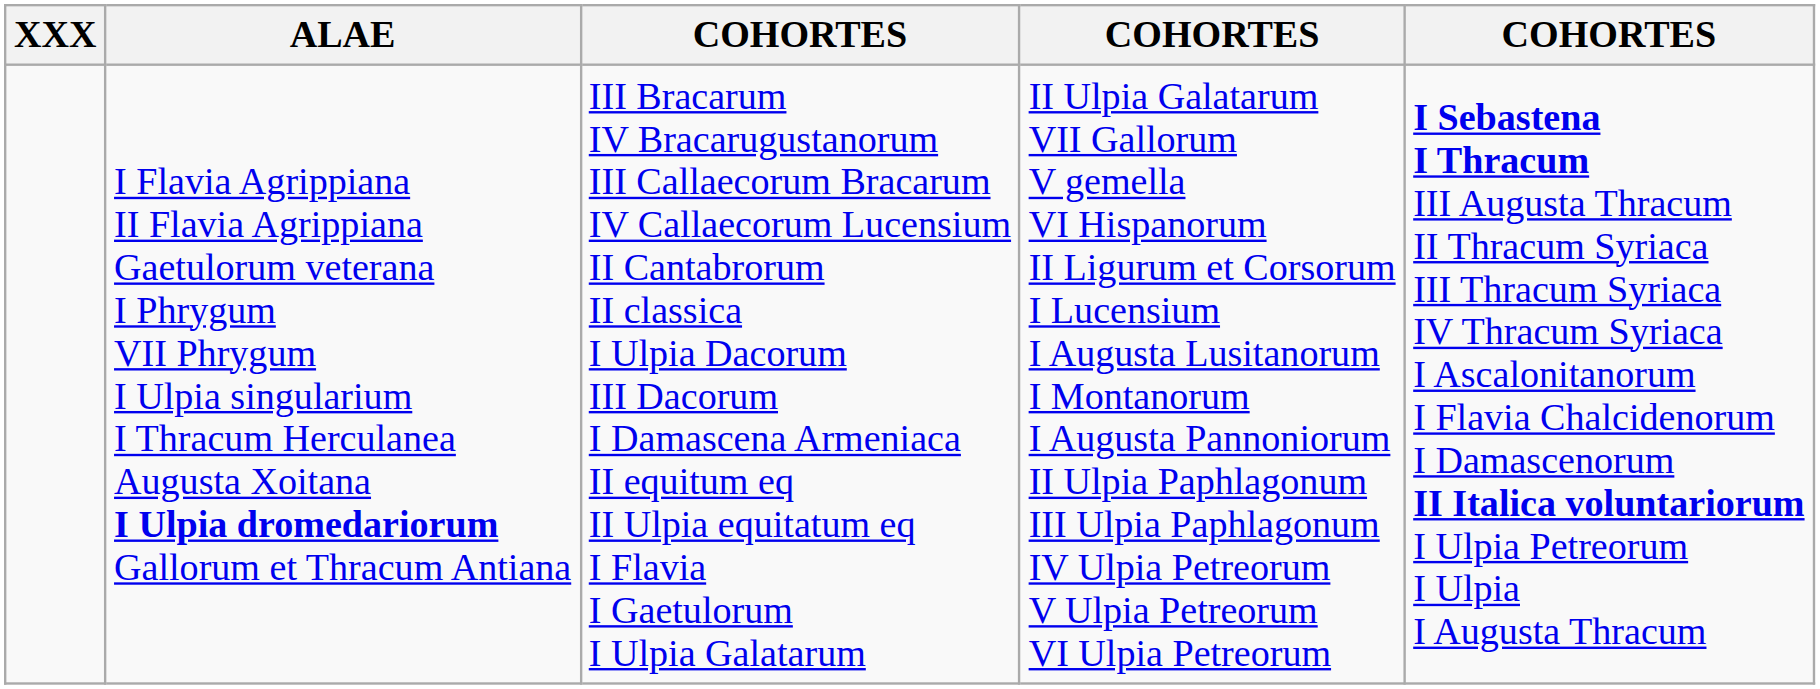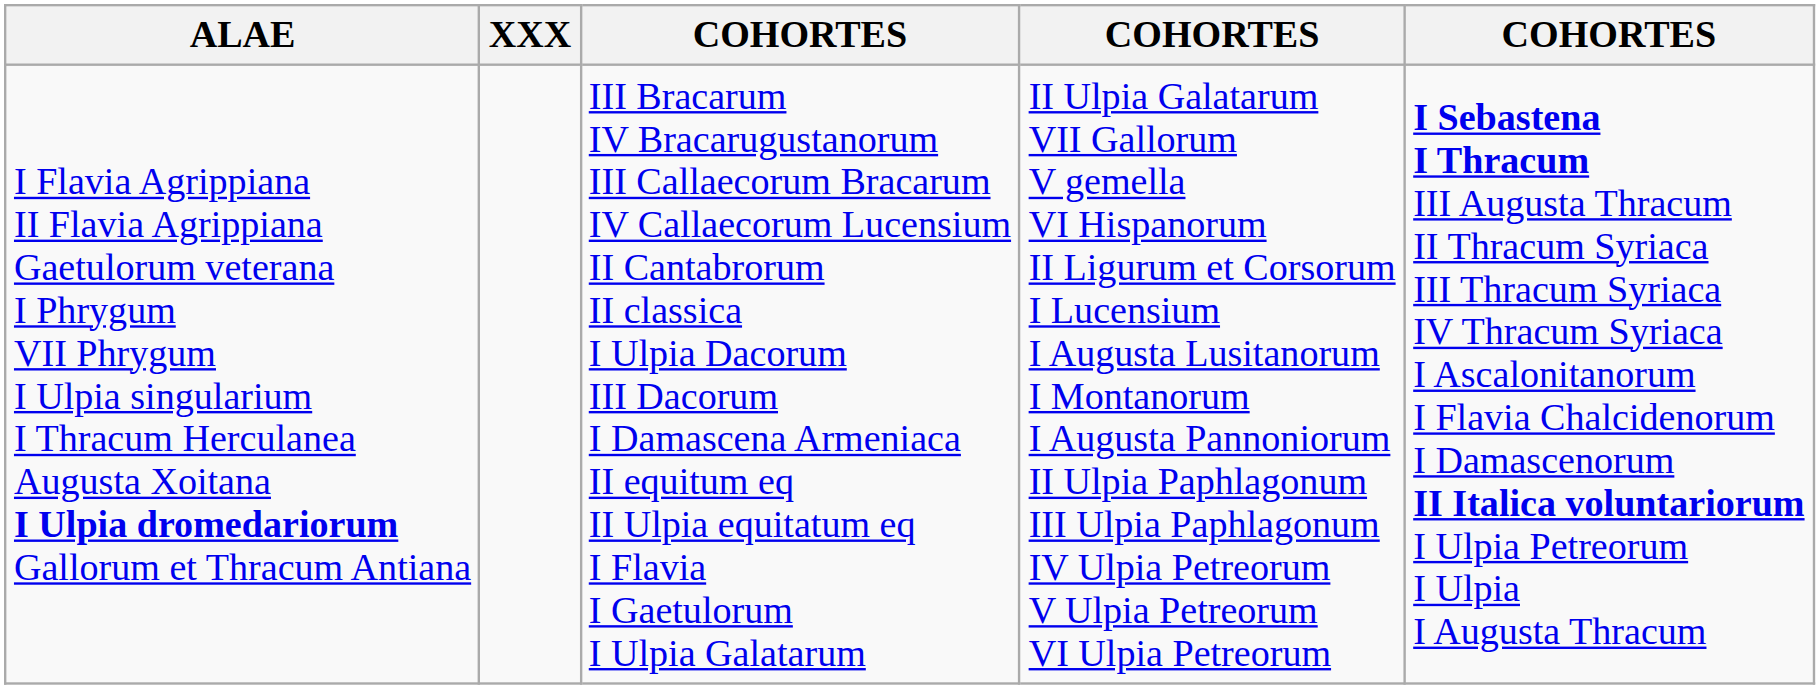 <table class=wikitable>
 <tr>
+<th>ALAE</th>
 <th>XXX</th>
-<th>ALAE</th>
 <th>COHORTES</th>
 <th>COHORTES</th>
 <th>COHORTES</th>
 </tr>
 <tr>
+<td><a href='#'>I Flavia Agrippiana</a><br><a href='#'>II Flavia Agrippiana</a><br><a href='#'>Gaetulorum veterana</a><br><a href='#'>I Phrygum</a><br><a href='#'>VII Phrygum</a><br><a href='#'>I Ulpia singularium</a> <br><a href='#'>I Thracum Herculanea</a><br><a href='#'>Augusta Xoitana</a><br><strong><a href='#'>I Ulpia dromedariorum</a></strong><br><a href='#'>Gallorum et Thracum Antiana</a>  </td>
 <td></td>
-<td><a href='#'>I Flavia Agrippiana</a><br><a href='#'>II Flavia Agrippiana</a><br><a href='#'>Gaetulorum veterana</a><br><a href='#'>I Phrygum</a><br><a href='#'>VII Phrygum</a><br><a href='#'>I Ulpia singularium</a> <br><a href='#'>I Thracum Herculanea</a><br><a href='#'>Augusta Xoitana</a><br><strong><a href='#'>I Ulpia dromedariorum</a></strong><br><a href='#'>Gallorum et Thracum Antiana</a>  </td>
 <td><a href='#'>III Bracarum</a><br><a href='#'>IV Bracarugustanorum</a><br><a href='#'>III Callaecorum Bracarum</a><br><a href='#'>IV Callaecorum Lucensium</a><br><a href='#'>II Cantabrorum</a><br><a href='#'>II classica</a><br><a href='#'>I Ulpia Dacorum</a><br><a href='#'>III Dacorum</a><br><a href='#'>I Damascena Armeniaca</a><br><a href='#'>II equitum eq</a><br><a href='#'>II Ulpia equitatum eq</a> <br><a href='#'>I Flavia</a> <br><a href='#'>I Gaetulorum</a><br><a href='#'>I Ulpia Galatarum</a></td>
 <td><a href='#'>II Ulpia Galatarum</a><br><a href='#'>VII Gallorum</a> <br><a href='#'>V gemella</a> <br><a href='#'>VI Hispanorum</a><br><a href='#'>II Ligurum et Corsorum</a><br><a href='#'>I Lucensium</a><br><a href='#'>I Augusta Lusitanorum</a><br><a href='#'>I Montanorum</a><br><a href='#'>I Augusta Pannoniorum</a><br><a href='#'>II Ulpia Paphlagonum</a><br><a href='#'>III Ulpia Paphlagonum</a> <br><a href='#'>IV Ulpia Petreorum</a><br><a href='#'>V Ulpia Petreorum</a> <br><a href='#'>VI Ulpia Petreorum</a></td>
 <td><strong><a href='#'>I Sebastena</a></strong><br><strong><a href='#'>I Thracum</a></strong><br><a href='#'>III Augusta Thracum</a><br><a href='#'>II Thracum Syriaca</a><br><a href='#'>III Thracum Syriaca</a><br><a href='#'>IV Thracum Syriaca</a><br><a href='#'>I Ascalonitanorum</a>  <br><a href='#'>I Flavia Chalcidenorum</a>   <br><a href='#'>I Damascenorum</a>  <br><strong><a href='#'>II Italica voluntariorum</a>   </strong><br><a href='#'>I Ulpia Petreorum</a>   <br><a href='#'>I Ulpia</a>   <br><a href='#'>I Augusta Thracum</a>   </td>
 </tr>
 </table>
